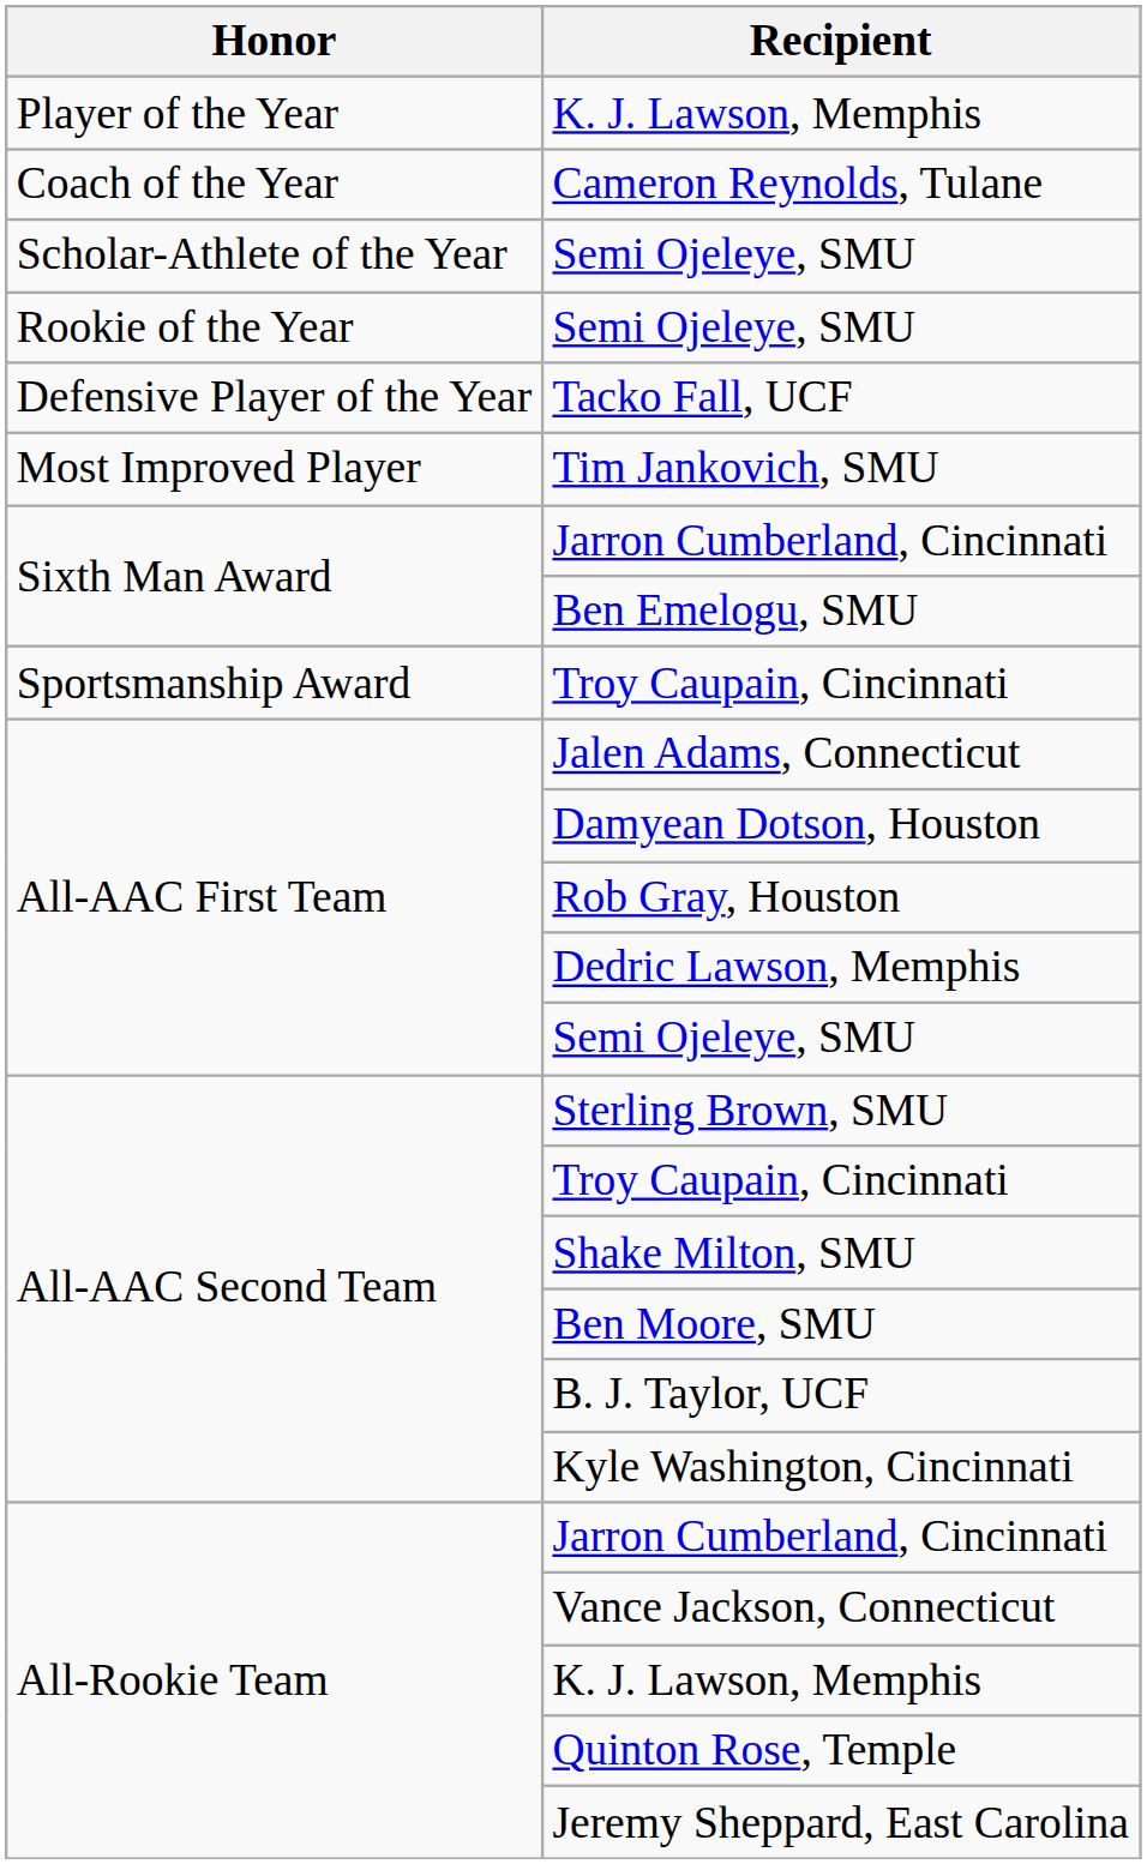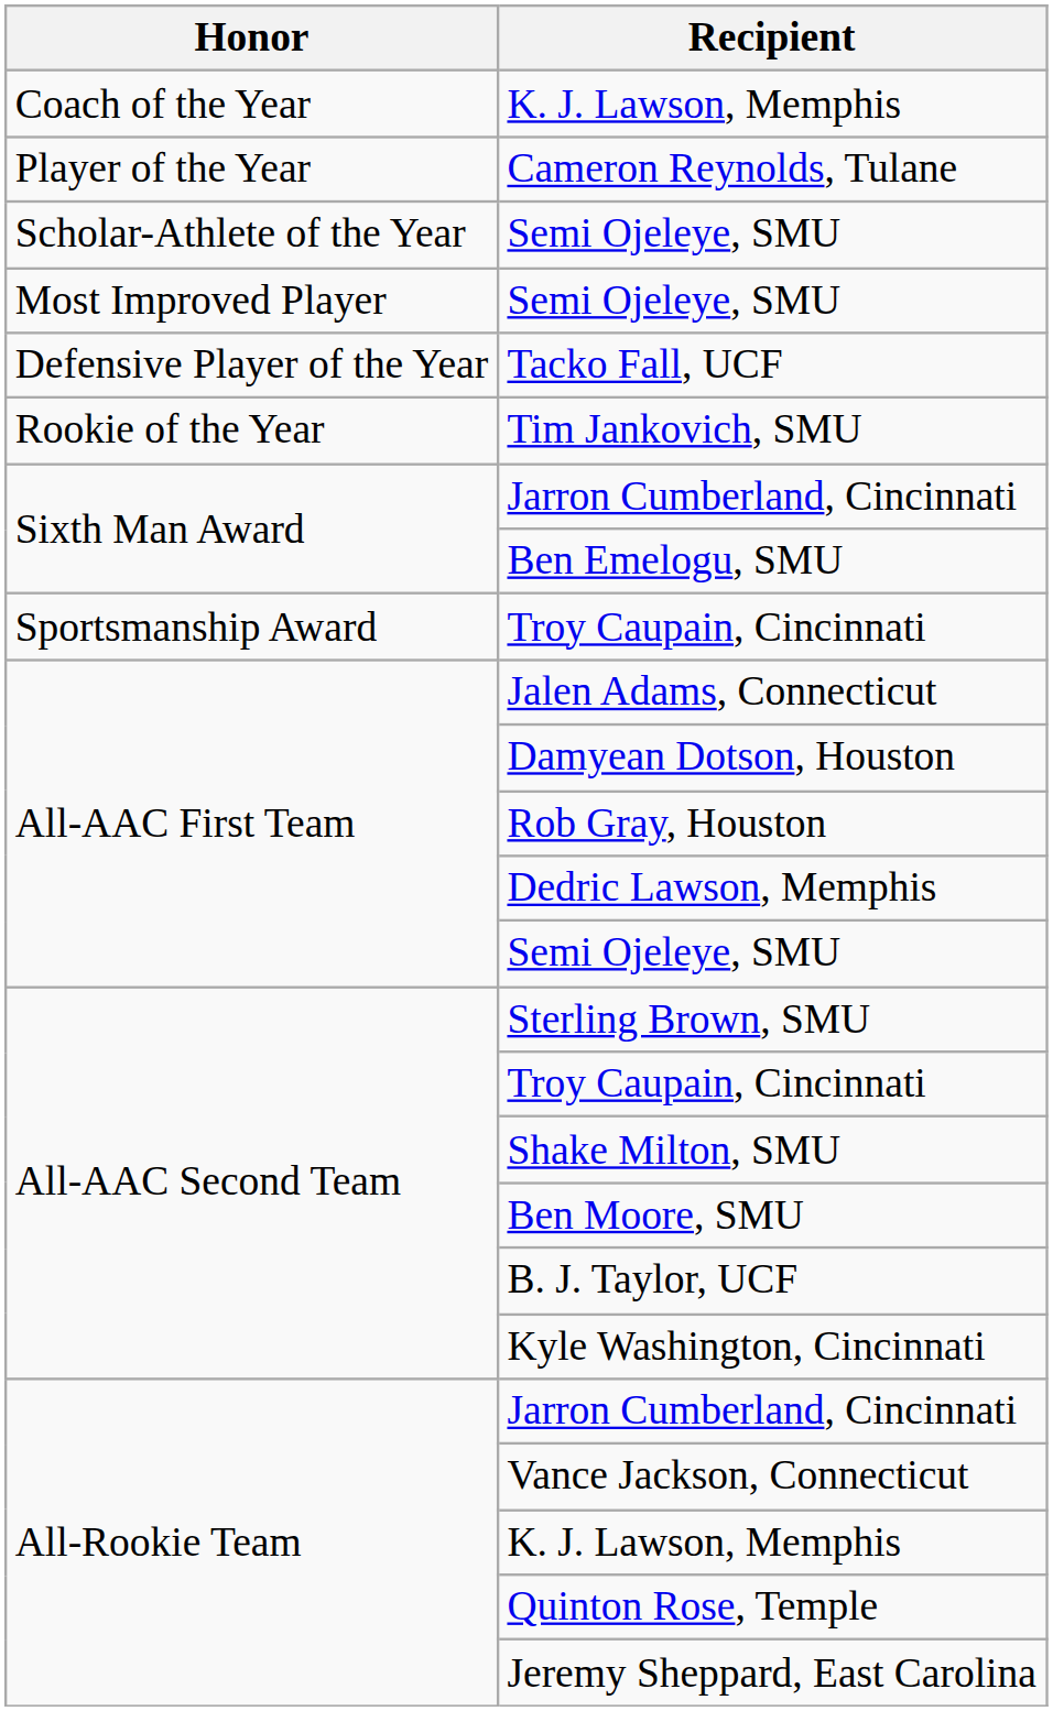 <table class="wikitable" border="1">
 <tr>
 <th>Honor</th>
 <th>Recipient</th>
 </tr>
 <tr>
-<td>Player of the Year</td>
+<td>Coach of the Year</td>
 <td><a href='#'>K. J. Lawson</a>, Memphis</td>
 </tr>
 <tr>
-<td>Coach of the Year</td>
+<td>Player of the Year</td>
 <td><a href='#'>Cameron Reynolds</a>, Tulane</td>
 </tr>
 <tr>
 <td>Scholar-Athlete of the Year</td>
 <td><a href='#'>Semi Ojeleye</a>, SMU</td>
 </tr>
 <tr>
-<td>Rookie of the Year</td>
+<td>Most Improved Player</td>
 <td><a href='#'>Semi Ojeleye</a>, SMU</td>
 </tr>
 <tr>
 <td>Defensive Player of the Year</td>
 <td><a href='#'>Tacko Fall</a>, UCF</td>
 </tr>
 <tr>
-<td>Most Improved Player</td>
+<td>Rookie of the Year</td>
 <td><a href='#'>Tim Jankovich</a>, SMU</td>
 </tr>
 <tr>
 <td rowspan=2 valign=middle>Sixth Man Award</td>
 <td><a href='#'>Jarron Cumberland</a>, Cincinnati</td>
 </tr>
 <tr>
 <td><a href='#'>Ben Emelogu</a>, SMU</td>
 </tr>
 <tr>
 <td>Sportsmanship Award</td>
 <td><a href='#'>Troy Caupain</a>, Cincinnati</td>
 </tr>
 <tr>
 <td rowspan=5 valign=middle>All-AAC First Team</td>
 <td><a href='#'>Jalen Adams</a>, Connecticut</td>
 </tr>
 <tr>
 <td><a href='#'>Damyean Dotson</a>, Houston</td>
 </tr>
 <tr>
 <td><a href='#'>Rob Gray</a>, Houston</td>
 </tr>
 <tr>
 <td><a href='#'>Dedric Lawson</a>, Memphis</td>
 </tr>
 <tr>
 <td><a href='#'>Semi Ojeleye</a>, SMU</td>
 </tr>
 <tr>
 <td rowspan=6 valign=middle>All-AAC Second Team</td>
 <td><a href='#'>Sterling Brown</a>, SMU</td>
 </tr>
 <tr>
 <td><a href='#'>Troy Caupain</a>, Cincinnati</td>
 </tr>
 <tr>
 <td><a href='#'>Shake Milton</a>, SMU</td>
 </tr>
 <tr>
 <td><a href='#'>Ben Moore</a>, SMU</td>
 </tr>
 <tr>
 <td>B. J. Taylor, UCF</td>
 </tr>
 <tr>
 <td>Kyle Washington, Cincinnati</td>
 </tr>
 <tr>
 <td rowspan=5 valign=middle>All-Rookie Team</td>
 <td><a href='#'>Jarron Cumberland</a>, Cincinnati</td>
 </tr>
 <tr>
 <td>Vance Jackson, Connecticut</td>
 </tr>
 <tr>
 <td>K. J. Lawson, Memphis</td>
 </tr>
 <tr>
 <td><a href='#'>Quinton Rose</a>, Temple</td>
 </tr>
 <tr>
 <td>Jeremy Sheppard, East Carolina</td>
 </tr>
 </table>
